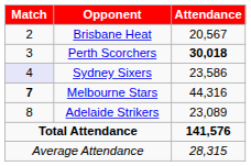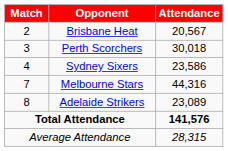 <table class="wikitable" style="text-align:center; font-size:90%">
 <tr>
 <th style="width:50px; background:red; color:white; text-align:center;">Match</th>
 <th style="width:130px; background:red; color:white; text-align:center;" class="unsortable">Opponent</th>
 <th style="width:80px; background:red; color:white; text-align:center;">Attendance</th>
 </tr>
 <tr>
 <td>2</td>
 <td><a href='#'>Brisbane Heat</a></td>
 <td>20,567</td>
 </tr>
 <tr>
 <td>3</td>
 <td><a href='#'>Perth Scorchers</a></td>
-<td><strong>30,018</strong></td>
+<td>30,018</td>
 </tr>
 <tr>
-<td style="background: lavender;">4</td>
+<td>4</td>
 <td><a href='#'>Sydney Sixers</a></td>
 <td>23,586</td>
 </tr>
 <tr>
-<td><strong>7</strong></td>
+<td>7</td>
 <td><a href='#'>Melbourne Stars</a></td>
 <td>44,316</td>
 </tr>
 <tr>
 <td>8</td>
 <td><a href='#'>Adelaide Strikers</a></td>
 <td>23,089</td>
 </tr>
 <tr class="sortbottom">
 <td colspan="2"><strong>Total Attendance</strong></td>
 <td><strong>141,576</strong></td>
 </tr>
 <tr class="sortbottom">
 <td colspan="2"><em>Average Attendance</em></td>
 <td><em>28,315</em></td>
 </tr>
 </table>
